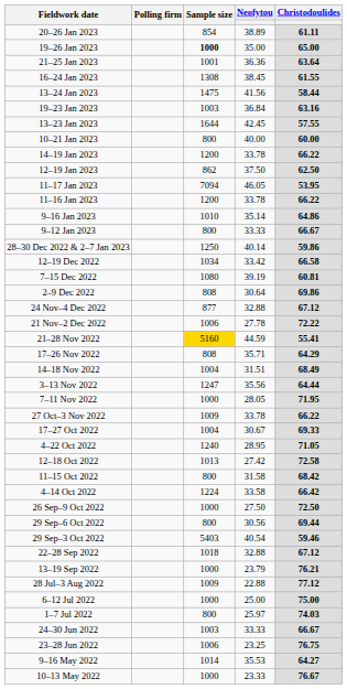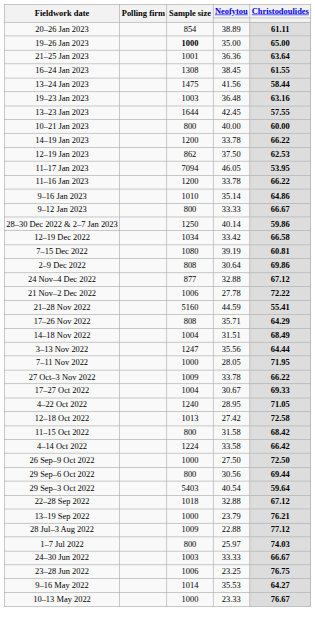 <table class="wikitable" style="text-align:center; font-size:85%;">
 <tr>
 <th rowspan="2">Fieldwork date</th>
 <th rowspan="2">Polling firm</th>
 <th rowspan="2">Sample size</th>
 <th><a href='#'>Neofytou</a><br></th>
 <th><a href='#'>Christodoulides</a><br></th>
 </tr>
 <tr>
 <th style="background:"></th>
 <th style="background:"></th>
 </tr>
 <tr>
 <td>20–26 Jan 2023</td>
 <td></td>
 <td>854</td>
 <td>38.89</td>
 <th style="background:#DDDDDD">61.11</th>
 </tr>
 <tr>
 <td>19–26 Jan 2023</td>
 <td></td>
 <td><strong>1000</strong></td>
 <td>35.00</td>
 <th style="background:#DDDDDD">65.00</th>
 </tr>
 <tr>
 <td>21–25 Jan 2023</td>
 <td></td>
 <td>1001</td>
 <td>36.36</td>
 <th style="background:#DDDDDD">63.64</th>
 </tr>
 <tr>
 <td>16–24 Jan 2023</td>
 <td></td>
 <td>1308</td>
 <td>38.45</td>
 <th style="background:#DDDDDD">61.55</th>
 </tr>
 <tr>
 <td>13–24 Jan 2023</td>
 <td></td>
 <td>1475</td>
 <td>41.56</td>
 <th style="background:#DDDDDD">58.44</th>
 </tr>
 <tr>
 <td>19–23 Jan 2023</td>
 <td></td>
 <td>1003</td>
-<td>36.84</td>
+<td>36.48</td>
 <th style="background:#DDDDDD">63.16</th>
 </tr>
 <tr>
 <td>13–23 Jan 2023</td>
 <td></td>
 <td>1644</td>
 <td>42.45</td>
 <th style="background:#DDDDDD">57.55</th>
 </tr>
 <tr>
 <td>10–21 Jan 2023</td>
 <td></td>
 <td>800</td>
 <td>40.00</td>
 <th style="background:#DDDDDD">60.00</th>
 </tr>
 <tr>
 <td>14–19 Jan 2023</td>
 <td></td>
 <td>1200</td>
 <td>33.78</td>
 <th style="background:#DDDDDD">66.22</th>
 </tr>
 <tr>
 <td>12–19 Jan 2023</td>
 <td></td>
 <td>862</td>
 <td>37.50</td>
-<th style="background:#DDDDDD">62.50</th>
+<th style="background:#DDDDDD">62.53</th>
 </tr>
 <tr>
 <td>11–17 Jan 2023</td>
 <td></td>
 <td>7094</td>
 <td>46.05</td>
 <th style="background:#DDDDDD">53.95</th>
 </tr>
 <tr>
 <td>11–16 Jan 2023</td>
 <td></td>
 <td>1200</td>
 <td>33.78</td>
 <th style="background:#DDDDDD">66.22</th>
 </tr>
 <tr>
 <td>9–16 Jan 2023</td>
 <td></td>
 <td>1010</td>
 <td>35.14</td>
 <th style="background:#DDDDDD">64.86</th>
 </tr>
 <tr>
 <td>9–12 Jan 2023</td>
 <td></td>
 <td>800</td>
 <td>33.33</td>
 <th style="background:#DDDDDD">66.67</th>
 </tr>
 <tr>
 <td>28–30 Dec 2022 & 2–7 Jan 2023</td>
 <td></td>
 <td>1250</td>
 <td>40.14</td>
 <th style="background:#DDDDDD">59.86</th>
 </tr>
 <tr>
 <td>12–19 Dec 2022</td>
 <td></td>
 <td>1034</td>
 <td>33.42</td>
 <th style="background:#DDDDDD">66.58</th>
 </tr>
 <tr>
 <td>7–15 Dec 2022</td>
 <td></td>
 <td>1080</td>
 <td>39.19</td>
 <th style="background:#DDDDDD">60.81</th>
 </tr>
 <tr>
 <td>2–9 Dec 2022</td>
 <td></td>
 <td>808</td>
 <td>30.64</td>
 <th style="background:#DDDDDD">69.86</th>
 </tr>
 <tr>
 <td>24 Nov–4 Dec 2022</td>
 <td></td>
 <td>877</td>
 <td>32.88</td>
 <th style="background:#DDDDDD">67.12</th>
 </tr>
 <tr>
 <td>21 Nov–2 Dec 2022</td>
 <td></td>
 <td>1006</td>
 <td>27.78</td>
 <th style="background:#DDDDDD">72.22</th>
 </tr>
 <tr>
 <td>21–28 Nov 2022</td>
 <td></td>
-<td style="background: gold;">5160</td>
+<td>5160</td>
 <td>44.59</td>
 <th style="background:#DDDDDD">55.41</th>
 </tr>
 <tr>
 <td>17–26 Nov 2022</td>
 <td></td>
 <td>808</td>
 <td>35.71</td>
 <th style="background:#DDDDDD">64.29</th>
 </tr>
 <tr>
 <td>14–18 Nov 2022</td>
 <td></td>
 <td>1004</td>
 <td>31.51</td>
 <th style="background:#DDDDDD">68.49</th>
 </tr>
 <tr>
 <td>3–13 Nov 2022</td>
 <td></td>
 <td>1247</td>
 <td>35.56</td>
 <th style="background:#DDDDDD">64.44</th>
 </tr>
 <tr>
 <td>7–11 Nov 2022</td>
 <td></td>
 <td>1000</td>
 <td>28.05</td>
 <th style="background:#DDDDDD">71.95</th>
 </tr>
 <tr>
 <td>27 Oct–3 Nov 2022</td>
 <td></td>
 <td>1009</td>
 <td>33.78</td>
 <th style="background:#DDDDDD">66.22</th>
 </tr>
 <tr>
 <td>17–27 Oct 2022</td>
 <td></td>
 <td>1004</td>
 <td>30.67</td>
 <th style="background:#DDDDDD">69.33</th>
 </tr>
 <tr>
 <td>4–22 Oct 2022</td>
 <td></td>
 <td>1240</td>
 <td>28.95</td>
 <th style="background:#DDDDDD">71.05</th>
 </tr>
 <tr>
 <td>12–18 Oct 2022</td>
 <td></td>
 <td>1013</td>
 <td>27.42</td>
 <th style="background:#DDDDDD">72.58</th>
 </tr>
 <tr>
 <td>11–15 Oct 2022</td>
 <td></td>
 <td>800</td>
 <td>31.58</td>
 <th style="background:#DDDDDD">68.42</th>
 </tr>
 <tr>
 <td>4–14 Oct 2022</td>
 <td></td>
 <td>1224</td>
 <td>33.58</td>
 <th style="background:#DDDDDD">66.42</th>
 </tr>
 <tr>
 <td>26 Sep–9 Oct 2022</td>
 <td></td>
 <td>1000</td>
 <td>27.50</td>
 <th style="background:#DDDDDD">72.50</th>
 </tr>
 <tr>
 <td>29 Sep–6 Oct 2022</td>
 <td></td>
 <td>800</td>
 <td>30.56</td>
 <th style="background:#DDDDDD">69.44</th>
 </tr>
 <tr>
 <td>29 Sep–3 Oct 2022</td>
 <td></td>
 <td>5403</td>
 <td>40.54</td>
-<th style="background:#DDDDDD">59.46</th>
+<th style="background:#DDDDDD">59.64</th>
 </tr>
 <tr>
 <td>22–28 Sep 2022</td>
 <td></td>
 <td>1018</td>
 <td>32.88</td>
 <th style="background:#DDDDDD">67.12</th>
 </tr>
 <tr>
 <td>13–19 Sep 2022</td>
 <td></td>
 <td>1000</td>
 <td>23.79</td>
 <th style="background:#DDDDDD">76.21</th>
 </tr>
 <tr>
 <td>28 Jul–3 Aug 2022</td>
 <td></td>
 <td>1009</td>
 <td>22.88</td>
 <th style="background:#DDDDDD">77.12</th>
-</tr>
-<tr>
-<td>6–12 Jul 2022</td>
-<td></td>
-<td>1000</td>
-<td>25.00</td>
-<th style="background:#DDDDDD">75.00</th>
 </tr>
 <tr>
 <td>1–7 Jul 2022</td>
 <td></td>
 <td>800</td>
 <td>25.97</td>
 <th style="background:#DDDDDD">74.03</th>
 </tr>
 <tr>
 <td>24–30 Jun 2022</td>
 <td></td>
 <td>1003</td>
 <td>33.33</td>
 <th style="background:#DDDDDD">66.67</th>
 </tr>
 <tr>
 <td>23–28 Jun 2022</td>
 <td></td>
 <td>1006</td>
 <td>23.25</td>
 <th style="background:#DDDDDD">76.75</th>
 </tr>
 <tr>
 <td>9–16 May 2022</td>
 <td></td>
 <td>1014</td>
 <td>35.53</td>
 <th style="background:#DDDDDD">64.27</th>
 </tr>
 <tr>
 <td>10–13 May 2022</td>
 <td></td>
 <td>1000</td>
 <td>23.33</td>
 <th style="background:#DDDDDD">76.67</th>
 </tr>
 </table>
